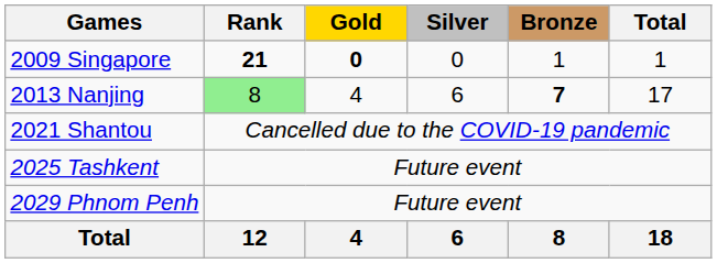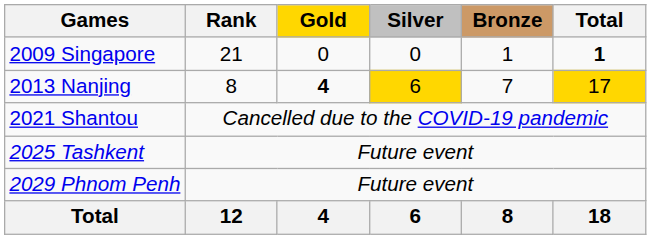 <table class="wikitable sortable" style="margin-top:0em; text-align:center; font-size:100%;">
 <tr>
 <th>Games</th>
 <th style="width:4em;">Rank</th>
 <th style="background:gold; width:4em;"><strong>Gold</strong></th>
 <th style="background:silver; width:4em;"><strong>Silver</strong></th>
 <th style="background:#cc9966; width:4em;"><strong>Bronze</strong></th>
 <th style="width:4em;">Total</th>
 </tr>
 <tr>
 <td align=left><a href='#'>2009 Singapore</a></td>
-<td><strong>21</strong></td>
-<td><strong>0</strong></td>
+<td>21</td>
+<td>0</td>
 <td>0</td>
 <td>1</td>
-<td>1</td>
+<td><strong>1</strong></td>
 </tr>
 <tr>
 <td align=left><a href='#'>2013 Nanjing</a></td>
-<td style="background: lightgreen;">8</td>
-<td>4</td>
-<td>6</td>
-<td><strong>7</strong></td>
-<td>17</td>
+<td>8</td>
+<td><strong>4</strong></td>
+<td style="background: gold;">6</td>
+<td>7</td>
+<td style="background: gold;">17</td>
 </tr>
 <tr>
 <td align=left><a href='#'>2021 Shantou</a></td>
 <td colspan=5><em>Cancelled due to the <a href='#'>COVID-19 pandemic</a></em></td>
 </tr>
 <tr>
 <td align=left><em><a href='#'>2025 Tashkent</a></em></td>
 <td colspan=5><em>Future event</em></td>
 </tr>
 <tr>
 <td align=left><em><a href='#'>2029 Phnom Penh</a></em></td>
 <td colspan=5><em>Future event</em></td>
 </tr>
 <tr>
 <th>Total</th>
 <th>12</th>
 <th>4</th>
 <th>6</th>
 <th>8</th>
 <th>18</th>
 </tr>
 </table>
